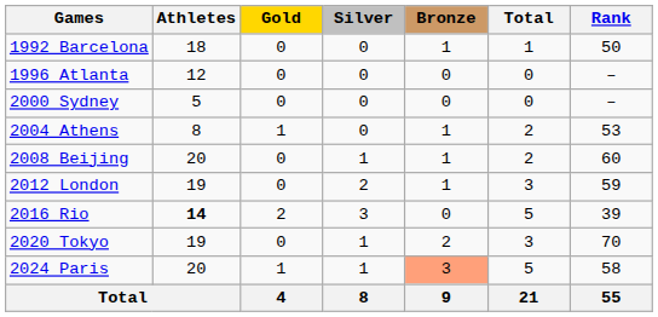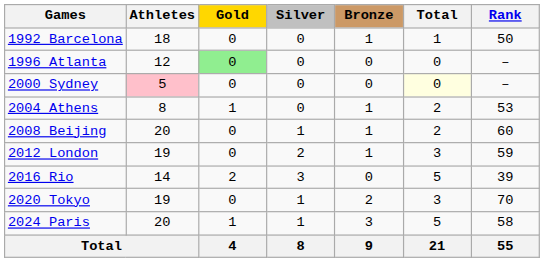 <table class="wikitable" style="text-align:center; font-size:90%;">
 <tr>
 <th>Games</th>
 <th>Athletes</th>
 <td style="background:gold; width:4.5em; font-weight:bold;">Gold</td>
 <td style="background:silver; width:4.5em; font-weight:bold;">Silver</td>
 <td style="background:#cc9966; width:4.5em; font-weight:bold;">Bronze</td>
 <th style="width:4.5em; font-weight:bold;">Total</th>
 <th style="width:4.5em; font-weight:bold;"><a href='#'>Rank</a></th>
 </tr>
 <tr>
 <td align=left><a href='#'>1992 Barcelona</a></td>
 <td>18</td>
 <td>0</td>
 <td>0</td>
 <td>1</td>
 <td>1</td>
 <td>50</td>
 </tr>
 <tr>
 <td align=left><a href='#'>1996 Atlanta</a></td>
 <td>12</td>
-<td>0</td>
+<td style="background: lightgreen;">0</td>
 <td>0</td>
 <td>0</td>
 <td>0</td>
 <td>–</td>
 </tr>
 <tr>
 <td align=left><a href='#'>2000 Sydney</a></td>
-<td>5</td>
+<td style="background: pink;">5</td>
 <td>0</td>
 <td>0</td>
 <td>0</td>
-<td>0</td>
+<td style="background: lightyellow;">0</td>
 <td>–</td>
 </tr>
 <tr>
 <td align=left><a href='#'>2004 Athens</a></td>
 <td>8</td>
 <td>1</td>
 <td>0</td>
 <td>1</td>
 <td>2</td>
 <td>53</td>
 </tr>
 <tr>
 <td align=left><a href='#'>2008 Beijing</a></td>
 <td>20</td>
 <td>0</td>
 <td>1</td>
 <td>1</td>
 <td>2</td>
 <td>60</td>
 </tr>
 <tr>
 <td align=left><a href='#'>2012 London</a></td>
 <td>19</td>
 <td>0</td>
 <td>2</td>
 <td>1</td>
 <td>3</td>
 <td>59</td>
 </tr>
 <tr>
 <td align=left><a href='#'>2016 Rio</a></td>
-<td><strong>14</strong></td>
+<td>14</td>
 <td>2</td>
 <td>3</td>
 <td>0</td>
 <td>5</td>
 <td>39</td>
 </tr>
 <tr>
 <td align=left><a href='#'>2020 Tokyo</a></td>
 <td>19</td>
 <td>0</td>
 <td>1</td>
 <td>2</td>
 <td>3</td>
 <td>70</td>
 </tr>
 <tr>
 <td align=left><a href='#'>2024 Paris</a></td>
 <td>20</td>
 <td>1</td>
 <td>1</td>
-<td style="background: lightsalmon;">3</td>
+<td>3</td>
 <td>5</td>
 <td>58</td>
 </tr>
 <tr>
 <th colspan=2>Total</th>
 <th>4</th>
 <th>8</th>
 <th>9</th>
 <th>21</th>
 <th>55</th>
 </tr>
 </table>
